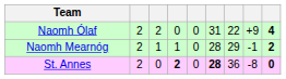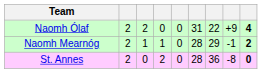 <table class="wikitable" style="text-align:center">
 <tr>
 <th style="width:175px;">Team</th>
 <th width="20"></th>
 <th width="20"></th>
 <th width="20"></th>
 <th width="20"></th>
 <th width="20"></th>
 <th width="20"></th>
 <th width="20"></th>
 <th width="20"></th>
 </tr>
 <tr style="background:#cfc;">
 <td><a href='#'>Naomh Ólaf</a></td>
 <td>2</td>
 <td>2</td>
 <td>0</td>
 <td>0</td>
 <td>31</td>
 <td>22</td>
 <td>+9</td>
 <td><strong>4</strong></td>
 </tr>
 <tr style="background:#cfc;">
 <td><a href='#'>Naomh Mearnóg</a></td>
 <td>2</td>
 <td>1</td>
 <td>1</td>
 <td>0</td>
 <td>28</td>
 <td>29</td>
 <td>-1</td>
 <td><strong>2</strong></td>
 </tr>
 <tr style="background:#fcf;">
 <td><a href='#'>St. Annes</a></td>
 <td>2</td>
 <td>0</td>
-<td><strong>2</strong></td>
+<td>2</td>
 <td>0</td>
-<td><strong>28</strong></td>
+<td>28</td>
 <td>36</td>
 <td>-8</td>
 <td><strong>0</strong></td>
 </tr>
 </table>
